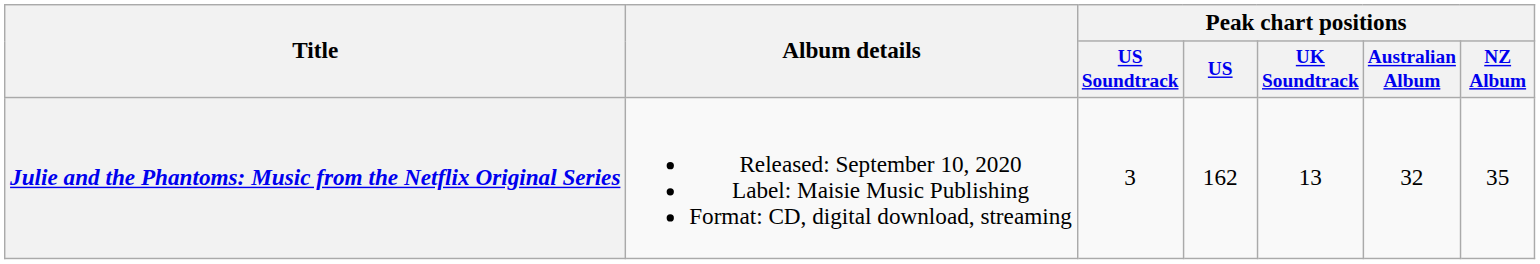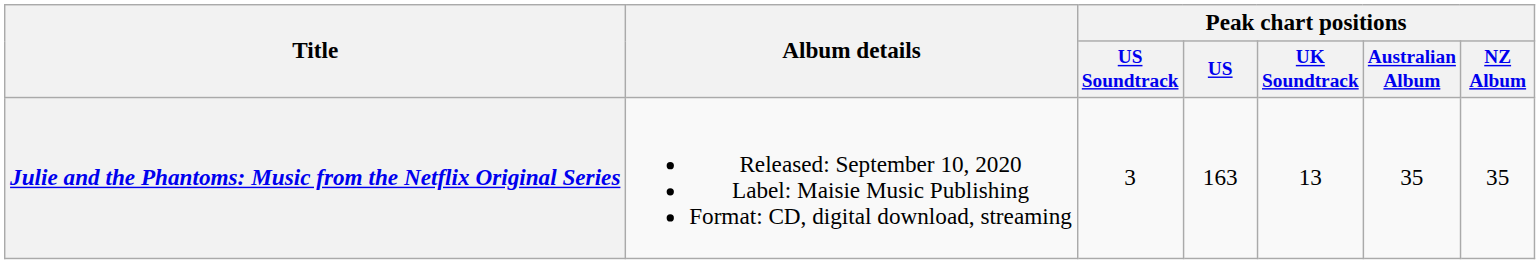 <table class="wikitable plainrowheaders" style="text-align:center;">
 <tr>
 <th rowspan="2" scope="col">Title</th>
 <th rowspan="2" scope="col">Album details</th>
 <th colspan="5">Peak chart positions</th>
 </tr>
 <tr style="font-size:smaller;">
 <th style="width:45px;"><a href='#'>US Soundtrack</a></th>
 <th style="width:45px;"><a href='#'>US</a></th>
 <th style="width:45px;"><a href='#'>UK Soundtrack</a></th>
 <th style="width:45px;"><a href='#'>Australian Album</a></th>
 <th style="width:45px;"><a href='#'>NZ Album</a></th>
 </tr>
 <tr>
 <th scope="row"><em><a href='#'>Julie and the Phantoms: Music from the Netflix Original Series</a></em></th>
 <td><br><ul><li>Released: September 10, 2020</li><li>Label: Maisie Music Publishing</li><li>Format: CD, digital download, streaming</li></ul></td>
 <td>3</td>
-<td>162</td>
+<td>163</td>
 <td>13</td>
-<td>32</td>
+<td>35</td>
 <td>35</td>
 </tr>
 </table>
